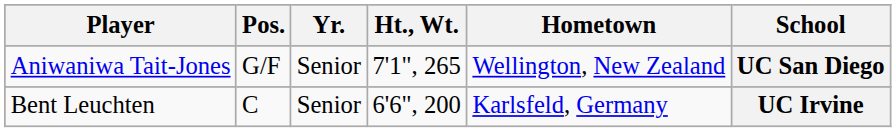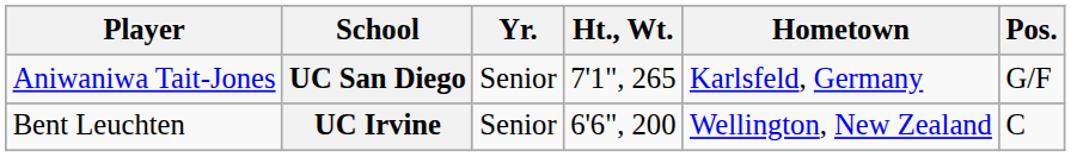 <table class="wikitable" style="white-space:nowrap; font-size:90%;">
 <tr>
 <th>Player</th>
-<th>Pos.</th>
+<th>School</th>
 <th>Yr.</th>
 <th>Ht., Wt.</th>
 <th>Hometown</th>
-<th>School</th>
+<th>Pos.</th>
 </tr>
 <tr>
 <td><a href='#'>Aniwaniwa Tait-Jones</a></td>
-<td>G/F</td>
+<th>UC San Diego</th>
 <td>Senior</td>
 <td>7'1", 265</td>
-<td><a href='#'>Wellington</a>, <a href='#'>New Zealand</a></td>
-<th>UC San Diego</th>
+<td><a href='#'>Karlsfeld</a>, <a href='#'>Germany</a></td>
+<td>G/F</td>
 </tr>
 <tr>
 <td>Bent Leuchten</td>
-<td>C</td>
+<th>UC Irvine</th>
 <td>Senior</td>
 <td>6'6", 200</td>
-<td><a href='#'>Karlsfeld</a>, <a href='#'>Germany</a></td>
-<th>UC Irvine</th>
+<td><a href='#'>Wellington</a>, <a href='#'>New Zealand</a></td>
+<td>C</td>
 </tr>
 </table>
